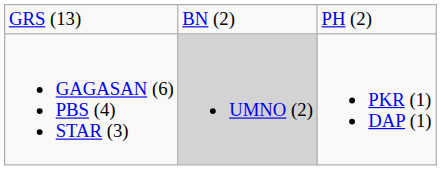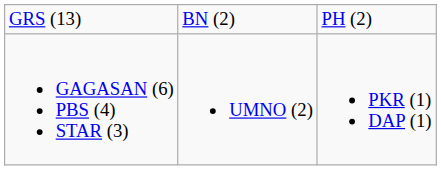 <table class="wikitable">
 <tr>
 <td> <a href='#'>GRS</a> (13)</td>
 <td> <a href='#'>BN</a> (2)</td>
 <td> <a href='#'>PH</a> (2)</td>
 </tr>
 <tr>
 <td><br><ul><li> <a href='#'>GAGASAN</a> (6)</li><li> <a href='#'>PBS</a> (4)</li><li> <a href='#'>STAR</a> (3)</li></ul></td>
-<td style="background: lightgrey;"><br><ul><li> <a href='#'>UMNO</a> (2)</li></ul></td>
+<td><br><ul><li> <a href='#'>UMNO</a> (2)</li></ul></td>
 <td><br><ul><li> <a href='#'>PKR</a> (1)</li><li> <a href='#'>DAP</a> (1)</li></ul></td>
 </tr>
 </table>
